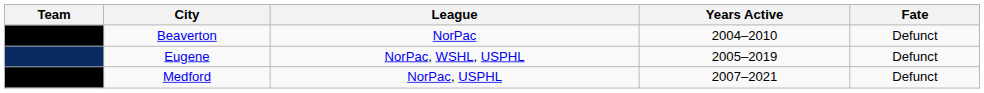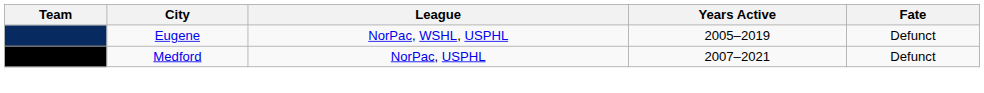 <table class="wikitable sortable" width="60%">
 <tr>
 <th>Team</th>
 <th>City</th>
 <th>League</th>
 <th>Years Active</th>
 <th>Fate</th>
-</tr>
-<tr align=center>
-<td style="color:white; background:#000000; "><strong><a href='#'></a></strong></td>
-<td><a href='#'>Beaverton</a></td>
-<td><a href='#'>NorPac</a></td>
-<td>2004–2010</td>
-<td>Defunct</td>
 </tr>
 <tr align=center>
 <td style="color:white; background:#072B61; "><strong><a href='#'></a></strong></td>
 <td><a href='#'>Eugene</a></td>
 <td><a href='#'>NorPac</a>, <a href='#'>WSHL</a>, <a href='#'>USPHL</a></td>
 <td>2005–2019</td>
 <td>Defunct</td>
 </tr>
 <tr align=center>
 <td style="color:white; background:#000000; "><strong><a href='#'></a></strong></td>
 <td><a href='#'>Medford</a></td>
 <td><a href='#'>NorPac</a>, <a href='#'>USPHL</a></td>
 <td>2007–2021</td>
 <td>Defunct</td>
 </tr>
 </table>
